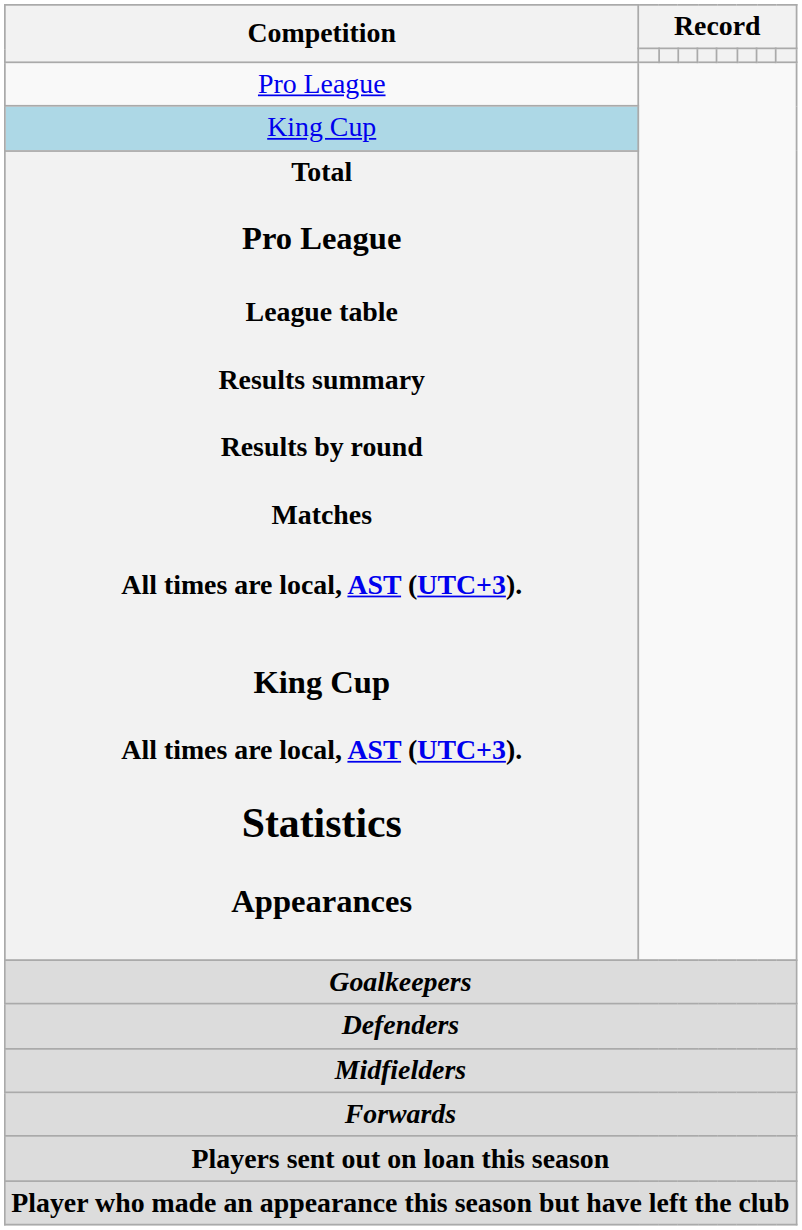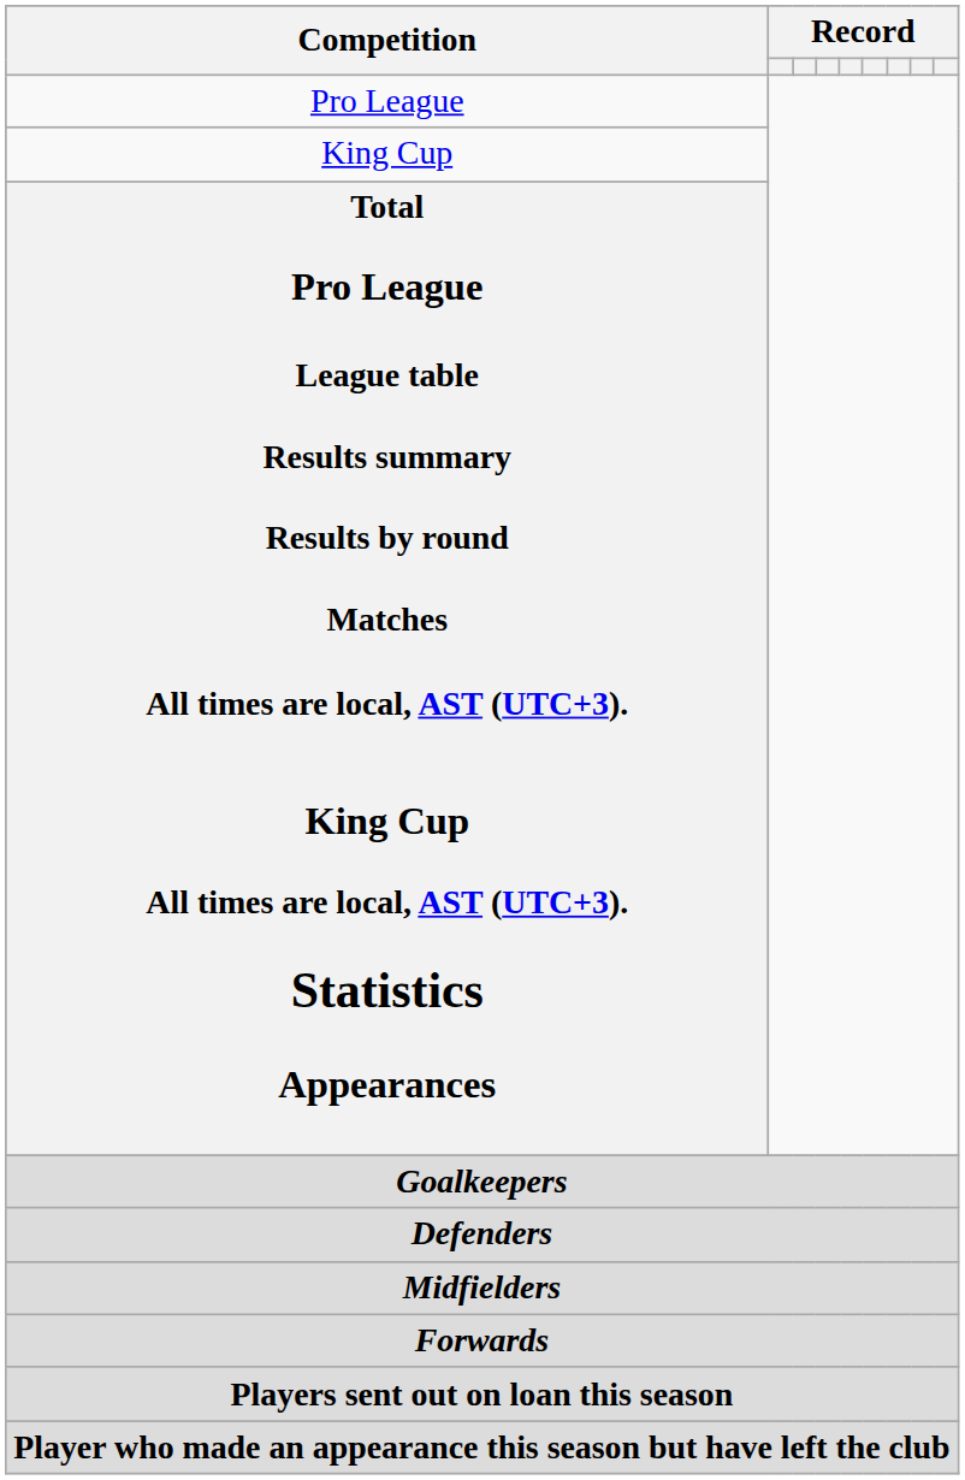 <table class="wikitable" style="text-align: center">
 <tr>
 <th rowspan=2>Competition</th>
 <th colspan=8>Record</th>
 </tr>
 <tr>
 <th></th>
 <th></th>
 <th></th>
 <th></th>
 <th></th>
 <th></th>
 <th></th>
 <th></th>
 </tr>
 <tr>
 <td><a href='#'>Pro League</a><br></td>
 </tr>
 <tr>
-<td style="background: lightblue;"><a href='#'>King Cup</a><br></td>
+<td><a href='#'>King Cup</a><br></td>
 </tr>
 <tr>
 <th>Total<br> <h3>Pro League</h3><h4>League table</h4><h4>Results summary</h4> <h4>Results by round</h4><h4>Matches</h4>All times are local, <a href='#'>AST</a> (<a href='#'>UTC+3</a>).<br>   <br>                             <h3>King Cup</h3> All times are local, <a href='#'>AST</a> (<a href='#'>UTC+3</a>).<br><h2>Statistics</h2><h3>Appearances</h3></th>
 </tr>
 <tr>
 <th colspan=10 style=background:#dcdcdc; text-align:center><em>Goalkeepers</em><br>  </th>
 </tr>
 <tr>
 <th colspan=10 style=background:#dcdcdc; text-align:center><em>Defenders</em><br>        </th>
 </tr>
 <tr>
 <th colspan=10 style=background:#dcdcdc; text-align:center><em>Midfielders</em><br>           </th>
 </tr>
 <tr>
 <th colspan=10 style=background:#dcdcdc; text-align:center><em>Forwards</em><br> </th>
 </tr>
 <tr>
 <th colspan=14 style=background:#dcdcdc; text-align:center>Players sent out on loan this season<br> </th>
 </tr>
 <tr>
 <th colspan=20 style=background:#dcdcdc; text-align:center>Player who made an appearance this season but have left the club<br>  </th>
 </tr>
 </table>
